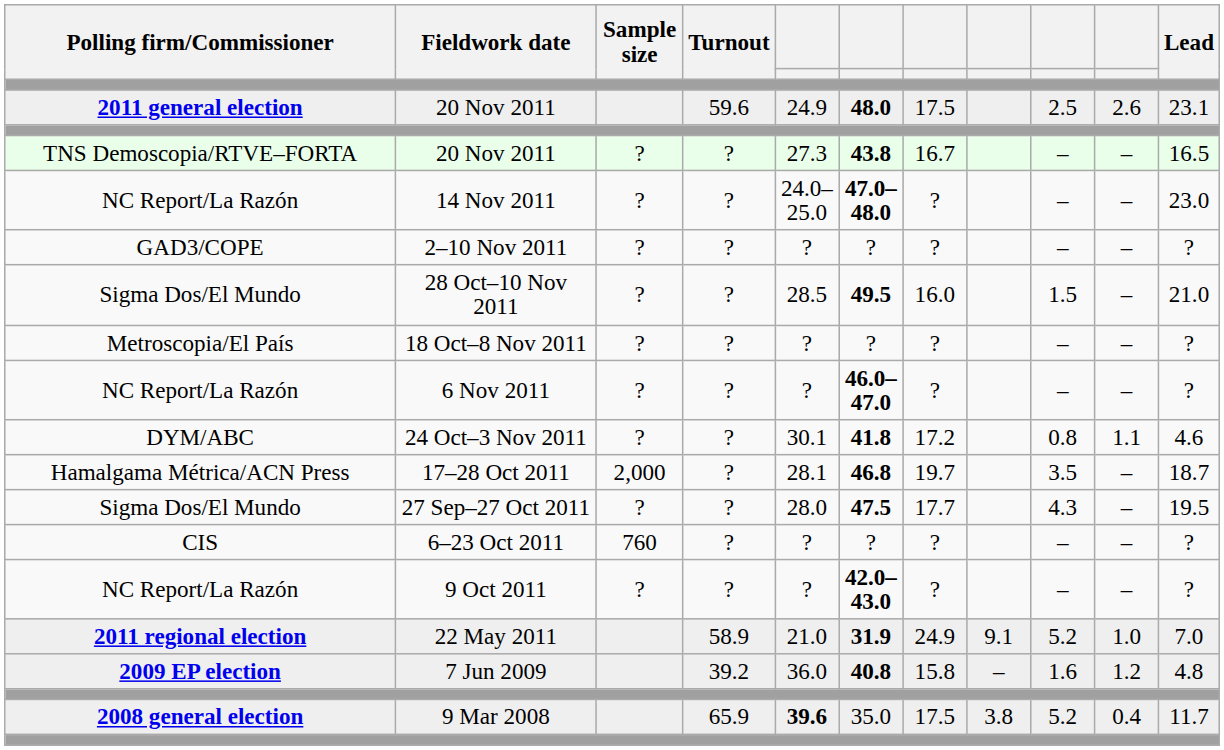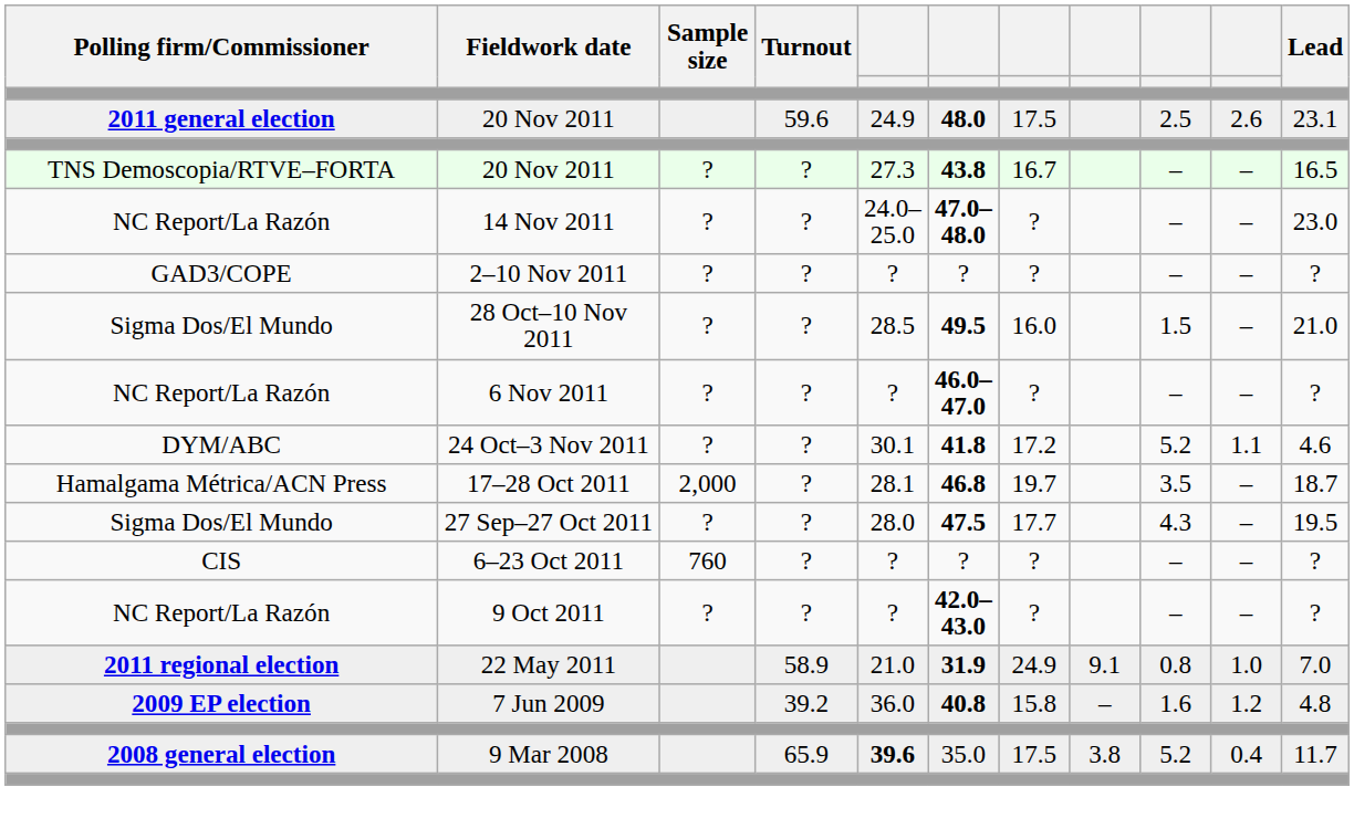 <table class="wikitable collapsible collapsed" style="text-align:center; font-size:95%; line-height:16px;">
 <tr style="height:42px;">
 <th style="width:250px;" rowspan="2">Polling firm/Commissioner</th>
 <th style="width:125px;" rowspan="2">Fieldwork date</th>
 <th style="width:50px;" rowspan="2">Sample size</th>
 <th style="width:45px;" rowspan="2">Turnout</th>
 <th style="width:35px;"></th>
 <th style="width:35px;"></th>
 <th style="width:35px;"></th>
 <th style="width:35px;"></th>
 <th style="width:35px;"></th>
 <th style="width:35px;"></th>
 <th style="width:30px;" rowspan="2">Lead</th>
 </tr>
 <tr>
 <th style="color:inherit;background:"></th>
 <th style="color:inherit;background:"></th>
 <th style="color:inherit;background:"></th>
 <th style="color:inherit;background:"></th>
 <th style="color:inherit;background:"></th>
 <th style="color:inherit;background:"></th>
 </tr>
 <tr>
 <td colspan="11" style="background:#A0A0A0"></td>
 </tr>
 <tr style="background:#EFEFEF;">
 <td><strong><a href='#'>2011 general election</a></strong></td>
 <td>20 Nov 2011</td>
 <td></td>
 <td>59.6</td>
 <td>24.9<br></td>
 <td><strong>48.0</strong><br></td>
 <td>17.5<br></td>
 <td></td>
 <td>2.5<br></td>
 <td>2.6<br></td>
 <td style="background:">23.1</td>
 </tr>
 <tr>
 <td colspan="11" style="background:#A0A0A0"></td>
 </tr>
 <tr style="background:#EAFFEA;">
 <td>TNS Demoscopia/RTVE–FORTA</td>
 <td>20 Nov 2011</td>
 <td>?</td>
 <td>?</td>
 <td>27.3<br></td>
 <td><strong>43.8</strong><br></td>
 <td>16.7<br></td>
 <td></td>
 <td>–</td>
 <td>–</td>
 <td style="background:">16.5</td>
 </tr>
 <tr>
 <td>NC Report/La Razón</td>
 <td>14 Nov 2011</td>
 <td>?</td>
 <td>?</td>
 <td>24.0–<br>25.0<br></td>
 <td><strong>47.0–<br>48.0</strong><br></td>
 <td>?<br></td>
 <td></td>
 <td>–</td>
 <td>–</td>
 <td style="background:">23.0</td>
 </tr>
 <tr>
 <td>GAD3/COPE</td>
 <td>2–10 Nov 2011</td>
 <td>?</td>
 <td>?</td>
 <td>?<br></td>
 <td>?<br></td>
 <td>?<br></td>
 <td></td>
 <td>–</td>
 <td>–</td>
 <td style="background:">?</td>
 </tr>
 <tr>
 <td>Sigma Dos/El Mundo</td>
 <td>28 Oct–10 Nov 2011</td>
 <td>?</td>
 <td>?</td>
 <td>28.5<br></td>
 <td><strong>49.5</strong><br></td>
 <td>16.0<br></td>
 <td></td>
 <td>1.5<br></td>
 <td>–</td>
 <td style="background:">21.0</td>
 </tr>
 <tr>
-<td>Metroscopia/El País</td>
-<td>18 Oct–8 Nov 2011</td>
-<td>?</td>
-<td>?</td>
-<td>?<br></td>
-<td>?<br></td>
-<td>?<br></td>
-<td></td>
-<td>–</td>
-<td>–</td>
-<td style="background:">?</td>
-</tr>
-<tr>
 <td>NC Report/La Razón</td>
 <td>6 Nov 2011</td>
 <td>?</td>
 <td>?</td>
 <td>?<br></td>
 <td><strong>46.0–<br>47.0</strong><br></td>
 <td>?<br></td>
 <td></td>
 <td>–</td>
 <td>–</td>
 <td style="background:">?</td>
 </tr>
 <tr>
 <td>DYM/ABC</td>
 <td>24 Oct–3 Nov 2011</td>
 <td>?</td>
 <td>?</td>
 <td>30.1<br></td>
 <td><strong>41.8</strong><br></td>
 <td>17.2<br></td>
 <td></td>
-<td>0.8<br></td>
+<td>5.2<br></td>
 <td>1.1<br></td>
 <td style="background:">4.6</td>
 </tr>
 <tr>
 <td>Hamalgama Métrica/ACN Press</td>
 <td>17–28 Oct 2011</td>
 <td>2,000</td>
 <td>?</td>
 <td>28.1<br></td>
 <td><strong>46.8</strong><br></td>
 <td>19.7<br></td>
 <td></td>
 <td>3.5<br></td>
 <td>–</td>
 <td style="background:">18.7</td>
 </tr>
 <tr>
 <td>Sigma Dos/El Mundo</td>
 <td>27 Sep–27 Oct 2011</td>
 <td>?</td>
 <td>?</td>
 <td>28.0<br></td>
 <td><strong>47.5</strong><br></td>
 <td>17.7<br></td>
 <td></td>
 <td>4.3<br></td>
 <td>–</td>
 <td style="background:">19.5</td>
 </tr>
 <tr>
 <td>CIS</td>
 <td>6–23 Oct 2011</td>
 <td>760</td>
 <td>?</td>
 <td>?<br></td>
 <td>?<br></td>
 <td>?<br></td>
 <td></td>
 <td>–</td>
 <td>–</td>
 <td style="background:">?</td>
 </tr>
 <tr>
 <td>NC Report/La Razón</td>
 <td>9 Oct 2011</td>
 <td>?</td>
 <td>?</td>
 <td>?<br></td>
 <td><strong>42.0–<br>43.0</strong><br></td>
 <td>?<br></td>
 <td></td>
 <td>–</td>
 <td>–</td>
 <td style="background:">?</td>
 </tr>
 <tr style="background:#EFEFEF;">
 <td><strong><a href='#'>2011 regional election</a></strong></td>
 <td>22 May 2011</td>
 <td></td>
 <td>58.9</td>
 <td>21.0<br></td>
 <td><strong>31.9</strong><br></td>
 <td>24.9<br></td>
 <td>9.1<br></td>
-<td>5.2<br></td>
+<td>0.8<br></td>
 <td>1.0<br></td>
 <td style="background:">7.0</td>
 </tr>
 <tr style="background:#EFEFEF;">
 <td><strong><a href='#'>2009 EP election</a></strong></td>
 <td>7 Jun 2009</td>
 <td></td>
 <td>39.2</td>
 <td>36.0<br></td>
 <td><strong>40.8</strong><br></td>
 <td>15.8<br></td>
 <td>–</td>
 <td>1.6<br></td>
 <td>1.2<br></td>
 <td style="background:">4.8</td>
 </tr>
 <tr>
 <td colspan="11" style="background:#A0A0A0"></td>
 </tr>
 <tr style="background:#EFEFEF;">
 <td><strong><a href='#'>2008 general election</a></strong></td>
 <td>9 Mar 2008</td>
 <td></td>
 <td>65.9</td>
 <td><strong>39.6</strong><br></td>
 <td>35.0<br></td>
 <td>17.5<br></td>
 <td>3.8<br></td>
 <td>5.2<br></td>
 <td>0.4<br></td>
 <td style="background:">11.7</td>
 </tr>
 <tr>
 <td colspan="11" style="background:#A0A0A0"></td>
 </tr>
 </table>
